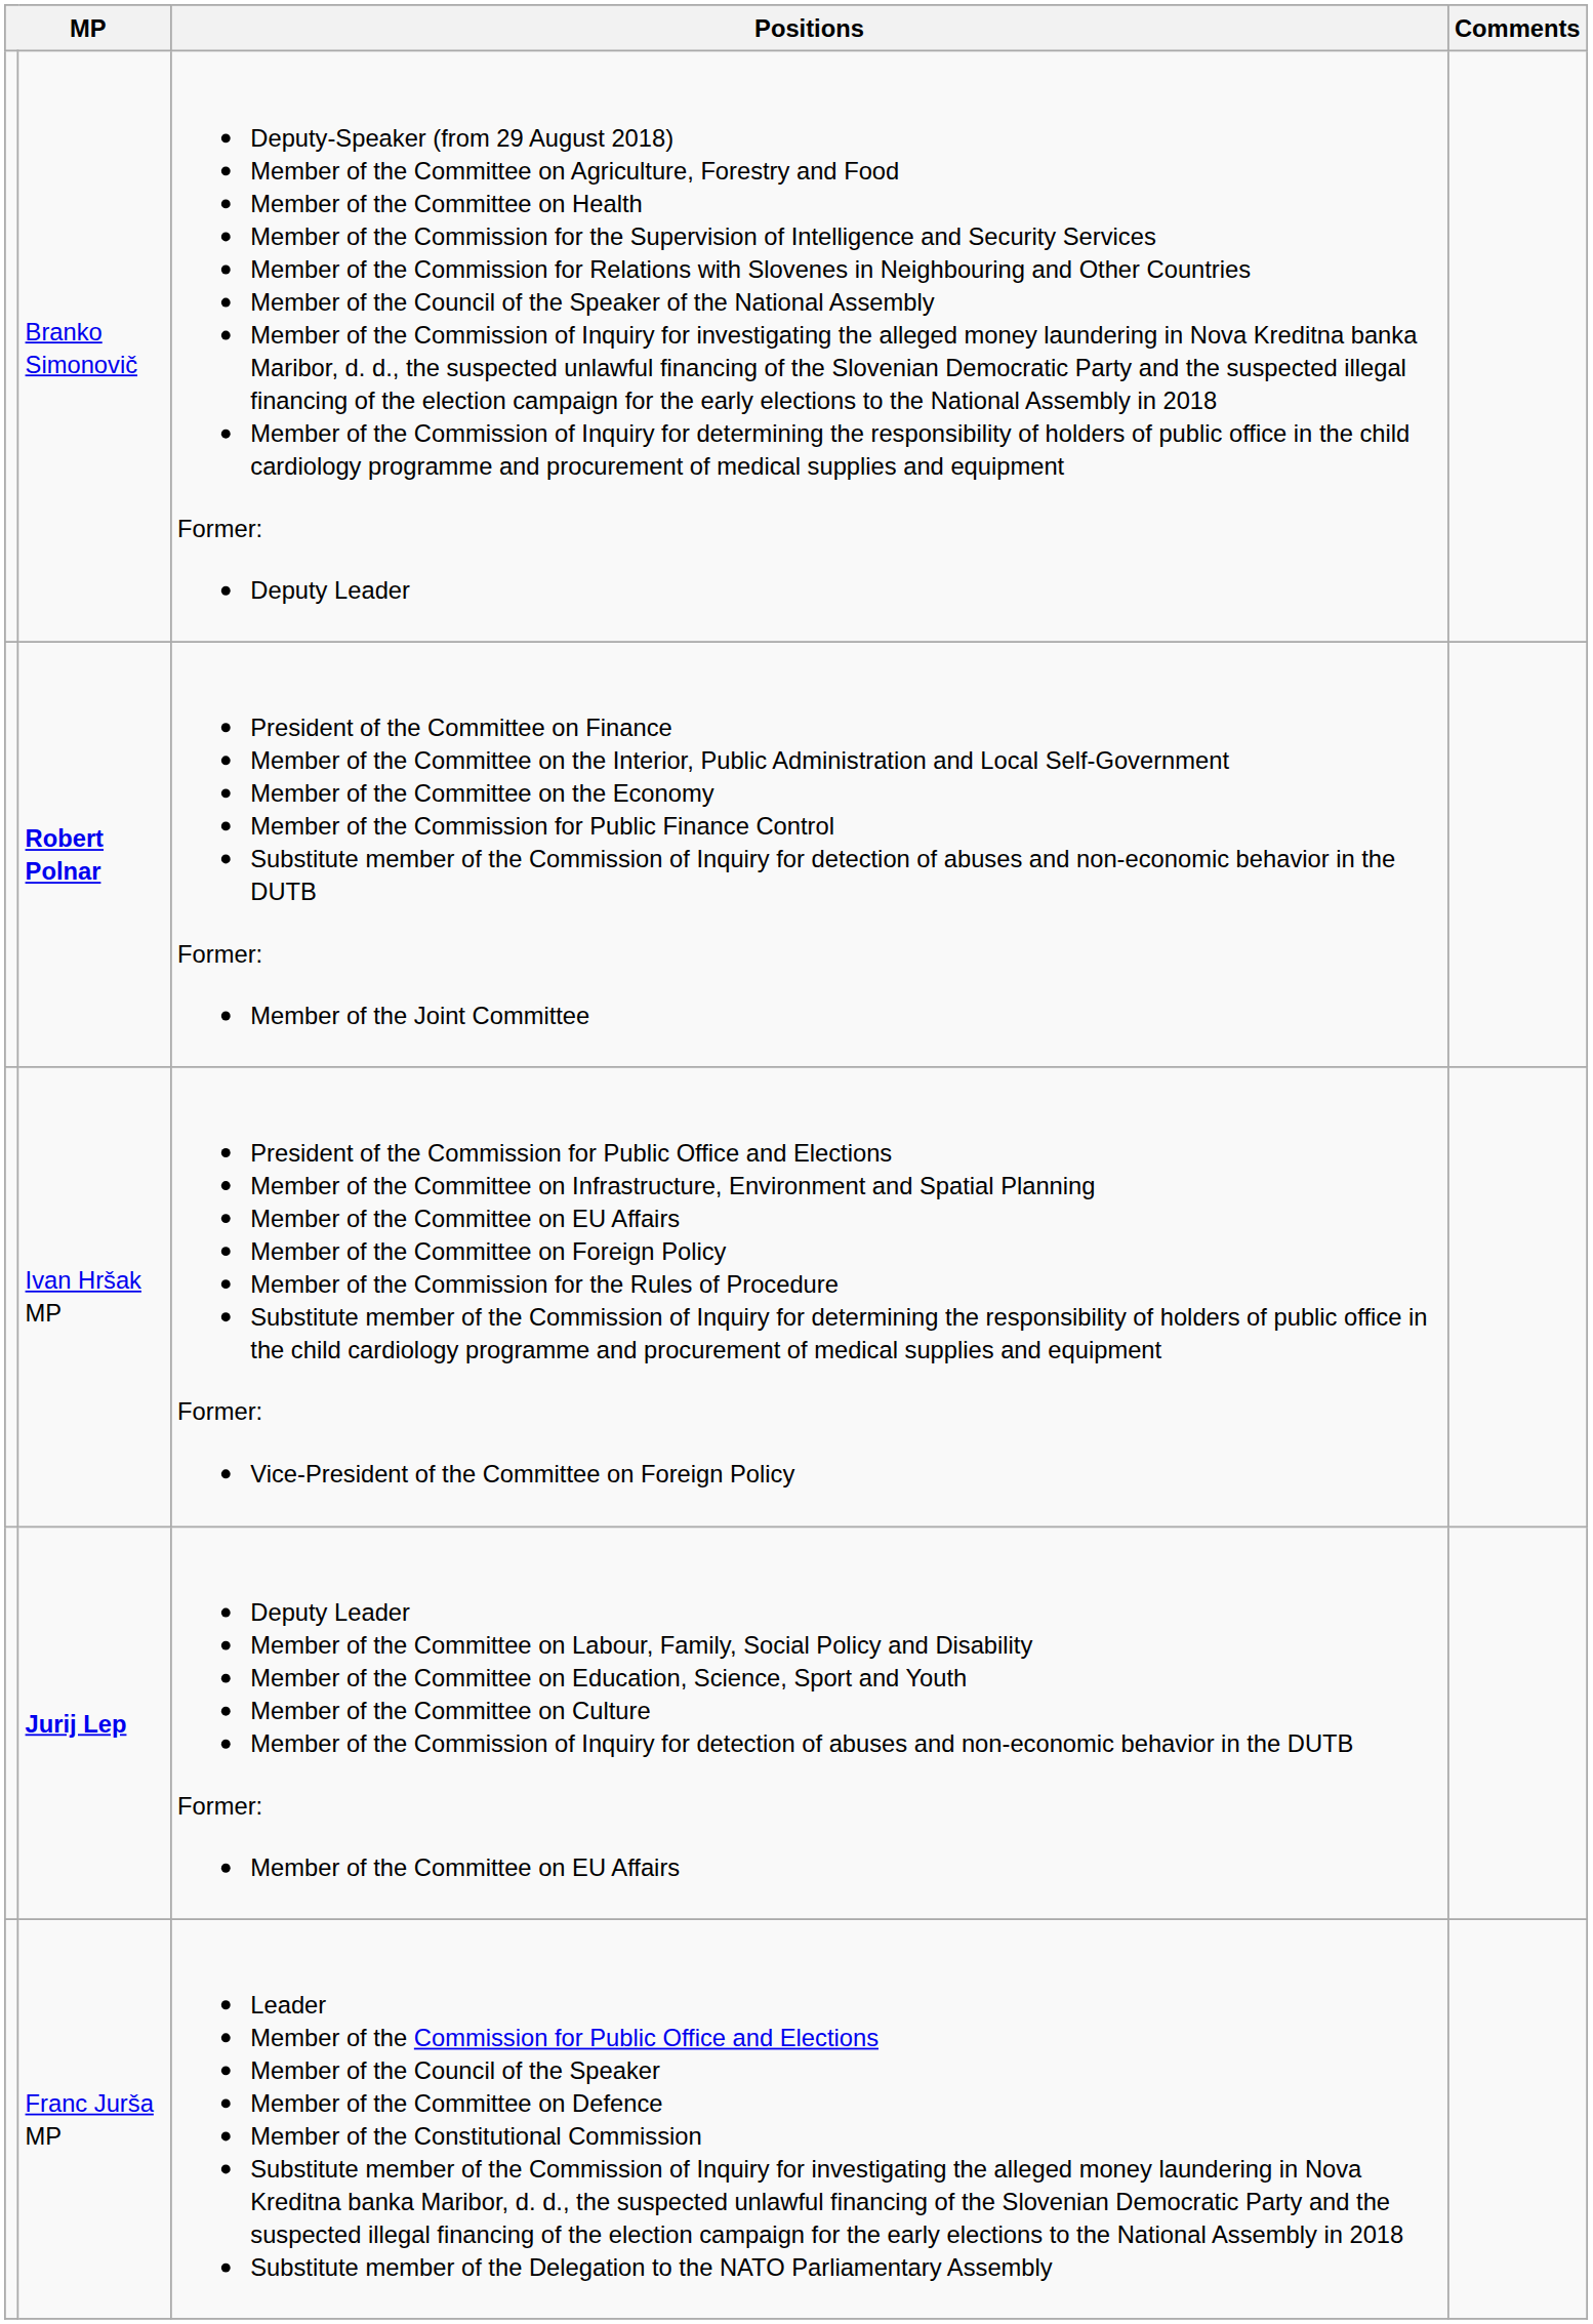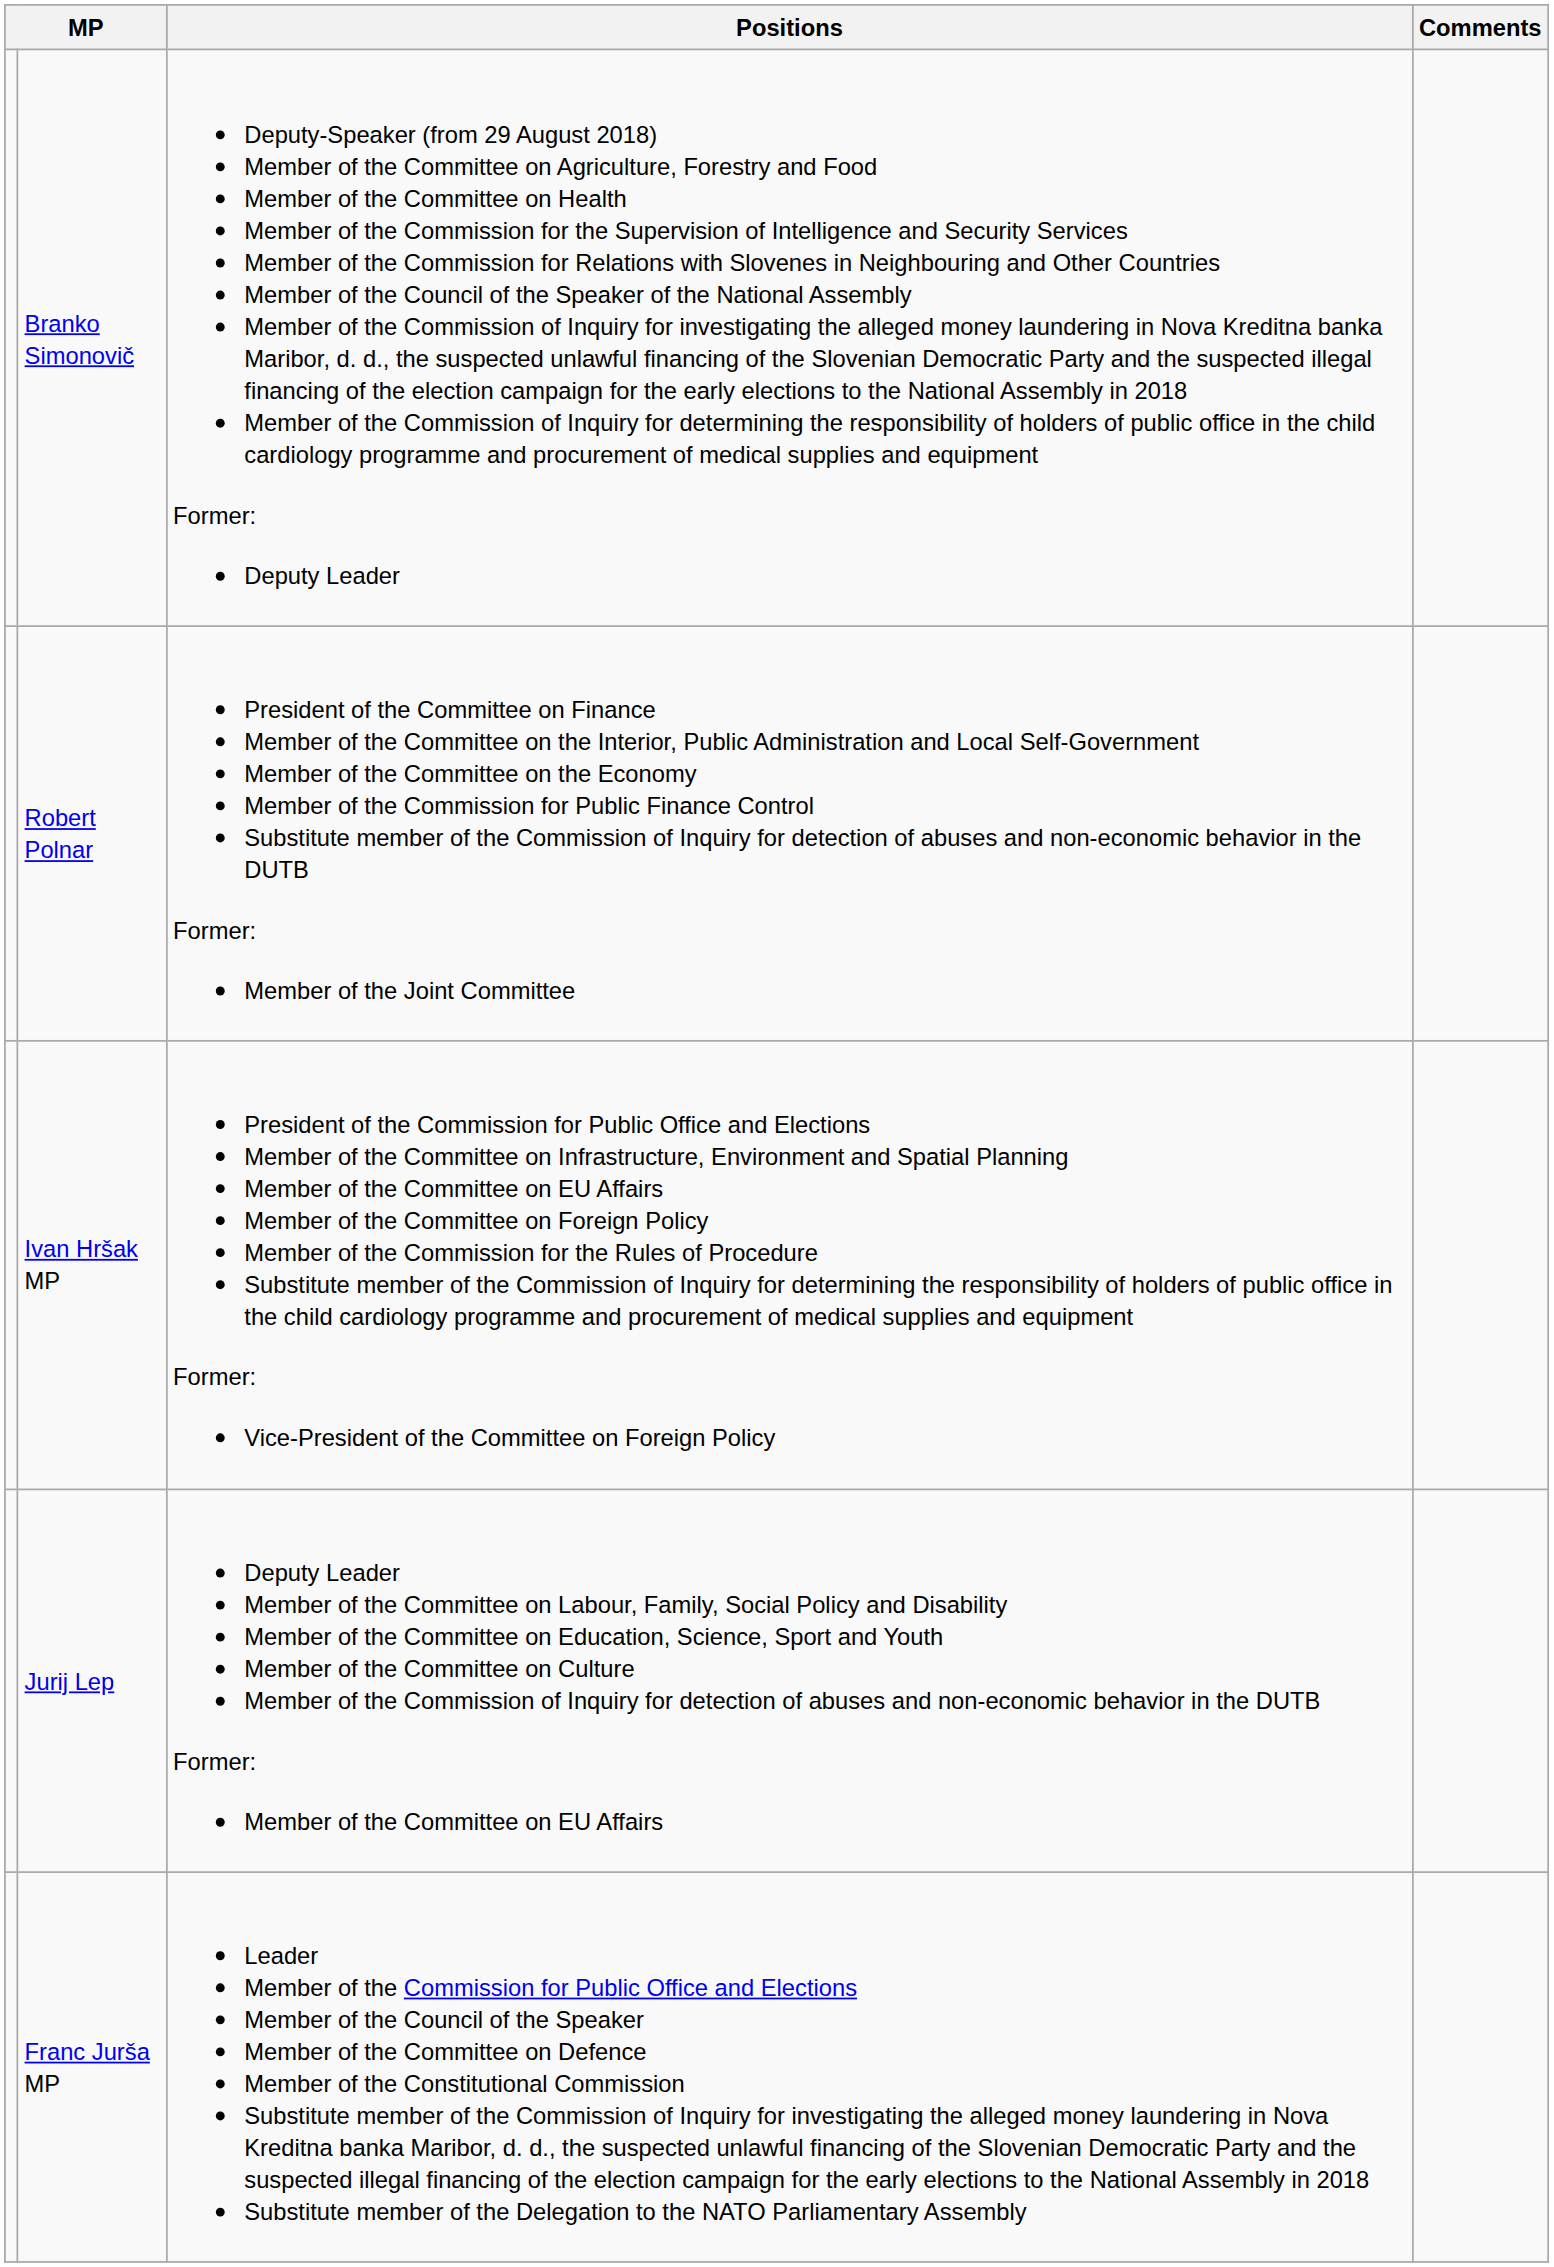 <table class="wikitable">
 <tr>
 <th colspan="2"><small>MP</small></th>
 <th><small>Positions</small></th>
 <th><small>Comments</small></th>
 </tr>
 <tr>
 <td style="background:"></td>
 <td><small><a href='#'>Branko Simonovič</a></small></td>
 <td><br><ul><li><small>Deputy-Speaker (from 29 August 2018)</small></li><li><small>Member of the Committee on Agriculture, Forestry and Food</small></li><li><small>Member of the Committee on Health</small></li><li><small>Member of the Commission for the Supervision of Intelligence and Security Services</small></li><li><small>Member of the Commission for Relations with Slovenes in Neighbouring and Other Countries</small></li><li><small>Member of the Council of the Speaker of the National Assembly</small></li><li><small>Member of the Commission of Inquiry for investigating the alleged money laundering in Nova Kreditna banka Maribor, d. d., the suspected unlawful financing of the Slovenian Democratic Party and the suspected illegal financing of the election campaign for the early elections to the National Assembly in 2018</small></li><li><small>Member of the Commission of Inquiry for determining the responsibility of holders of public office in the child cardiology programme and procurement of medical supplies and equipment</small></li></ul><small>Former:</small><ul><li><small>Deputy Leader</small></li></ul></td>
 <td></td>
 </tr>
 <tr>
 <td style="background:"></td>
-<td><strong><a href='#'><small>Robert Polnar</small></a></strong></td>
+<td><a href='#'><small>Robert Polnar</small></a></td>
 <td><br><ul><li><small>President of the Committee on Finance</small></li><li><small>Member of the Committee on the Interior, Public Administration and Local Self-Government</small></li><li><small>Member of the Committee on the Economy</small></li><li><small>Member of the Commission for Public Finance Control</small></li><li><small>Substitute member of the Commission of Inquiry for detection of abuses and non-economic behavior in the DUTB</small></li></ul><small>Former:</small><ul><li><small>Member of the Joint Committee</small></li></ul></td>
 <td></td>
 </tr>
 <tr>
 <td style="background:"></td>
 <td><small><a href='#'>Ivan Hršak</a> MP</small></td>
 <td><br><ul><li><small>President of the Commission for Public Office and Elections</small></li><li><small>Member of the Committee on Infrastructure, Environment and Spatial Planning</small></li><li><small>Member of the Committee on EU Affairs</small></li><li><small>Member of the Committee on Foreign Policy</small></li><li><small>Member of the Commission for the Rules of Procedure</small></li><li><small>Substitute member of the Commission of Inquiry for determining the responsibility of holders of public office in the child cardiology programme and procurement of medical supplies and equipment</small></li></ul><small>Former:</small><ul><li><small>Vice-President of the Committee on Foreign Policy</small></li></ul></td>
 <td></td>
 </tr>
 <tr>
 <td style="background:"></td>
-<td><strong><a href='#'><small>Jurij Lep</small></a></strong></td>
+<td><a href='#'><small>Jurij Lep</small></a></td>
 <td><br><ul><li><small>Deputy Leader</small></li><li><small>Member of the Committee on Labour, Family, Social Policy and Disability</small></li><li><small>Member of the Committee on Education, Science, Sport and Youth</small></li><li><small>Member of the Committee on Culture</small></li><li><small>Member of the Commission of Inquiry for detection of abuses and non-economic behavior in the DUTB</small></li></ul><small>Former:</small><ul><li><small>Member of the Committee on EU Affairs</small></li></ul></td>
 <td></td>
 </tr>
 <tr>
 <td style="background:"></td>
 <td><small><a href='#'>Franc Jurša</a> MP</small></td>
 <td><br><ul><li><small>Leader</small></li><li><small>Member of the <a href='#'>Commission for Public Office and Elections</a></small></li><li><small>Member of the Council of the Speaker</small></li><li><small>Member of the Committee on Defence</small></li><li><small>Member of the Constitutional Commission</small></li><li><small>Substitute member of the Commission of Inquiry for investigating the alleged money laundering in Nova Kreditna banka Maribor, d. d., the suspected unlawful financing of the Slovenian Democratic Party and the suspected illegal financing of the election campaign for the early elections to the National Assembly in 2018</small></li><li><small>Substitute member of the Delegation to the NATO Parliamentary Assembly</small></li></ul></td>
 <td></td>
 </tr>
 </table>
